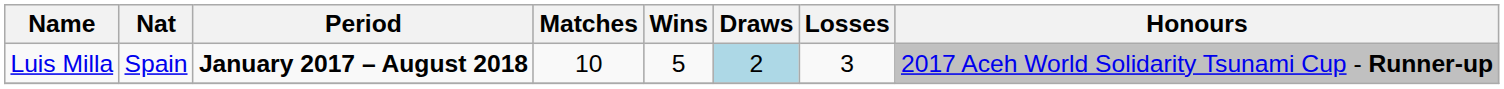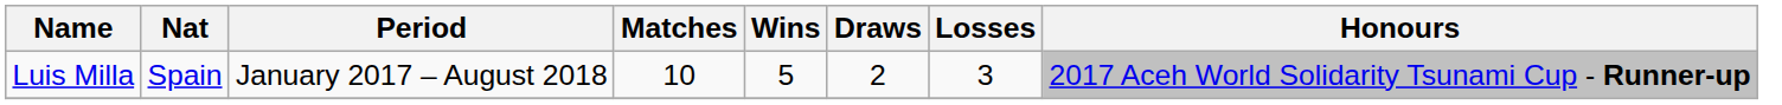 <table class="wikitable">
 <tr>
 <th>Name</th>
 <th>Nat</th>
 <th>Period</th>
 <th>Matches</th>
 <th>Wins</th>
 <th>Draws</th>
 <th>Losses</th>
 <th>Honours</th>
 </tr>
 <tr>
 <td><a href='#'>Luis Milla</a></td>
 <td align="center"> <a href='#'>Spain</a></td>
-<td align="center"><strong>January 2017 – August 2018</strong></td>
+<td align="center">January 2017 – August 2018</td>
 <td align="center">10</td>
 <td align="center">5</td>
-<td align="center" style="background: lightblue;">2</td>
+<td align="center">2</td>
 <td align="center">3</td>
 <td style=background:silver><a href='#'>2017 Aceh World Solidarity Tsunami Cup</a> - <strong>Runner-up</strong></td>
 </tr>
 <tr>
 </tr>
 </table>
